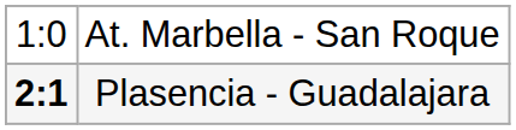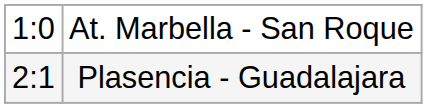 <table class="wikitable">
 <tr align=center bgcolor=white>
 <td>1:0</td>
 <td>At. Marbella - San Roque</td>
 </tr>
 <tr align=center bgcolor=#F5F5F5>
-<td><strong>2:1</strong></td>
+<td>2:1</td>
 <td>Plasencia - Guadalajara</td>
 </tr>
 </table>
